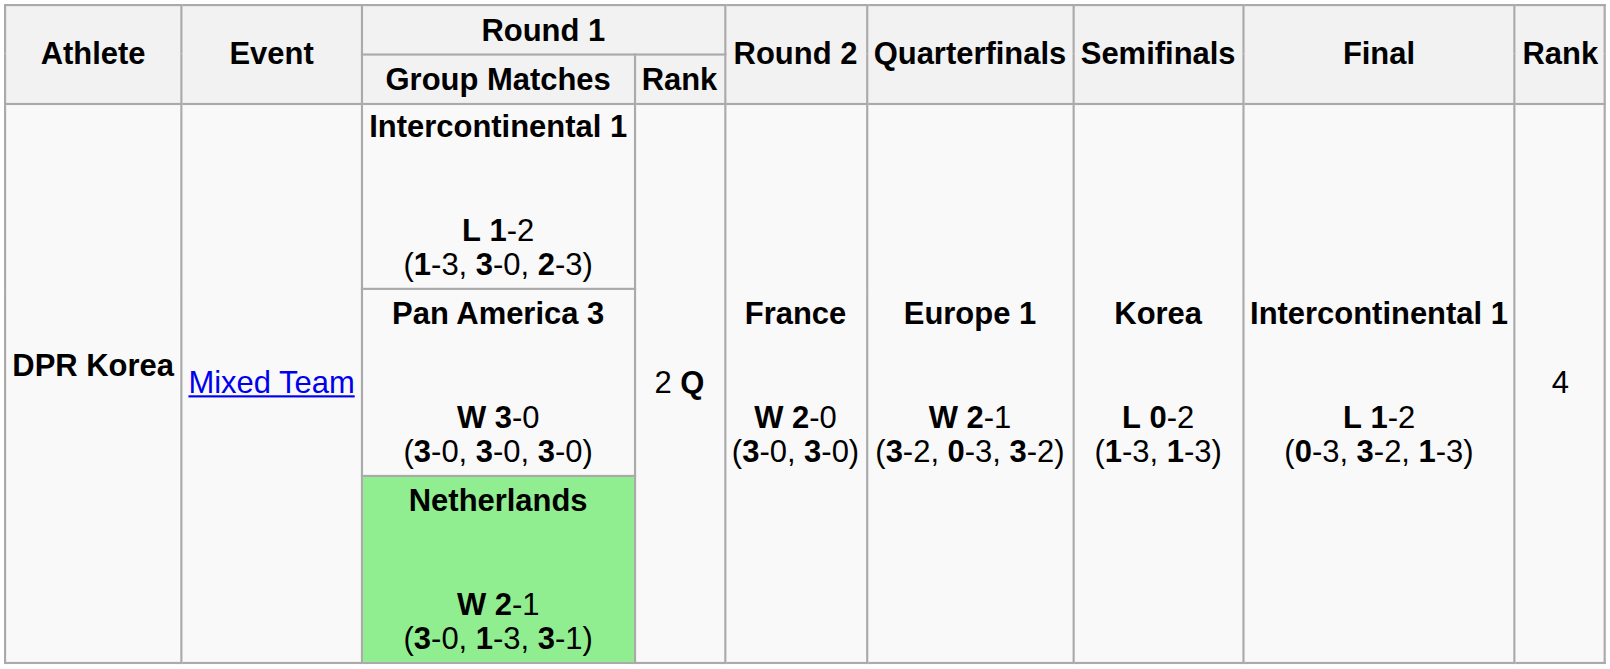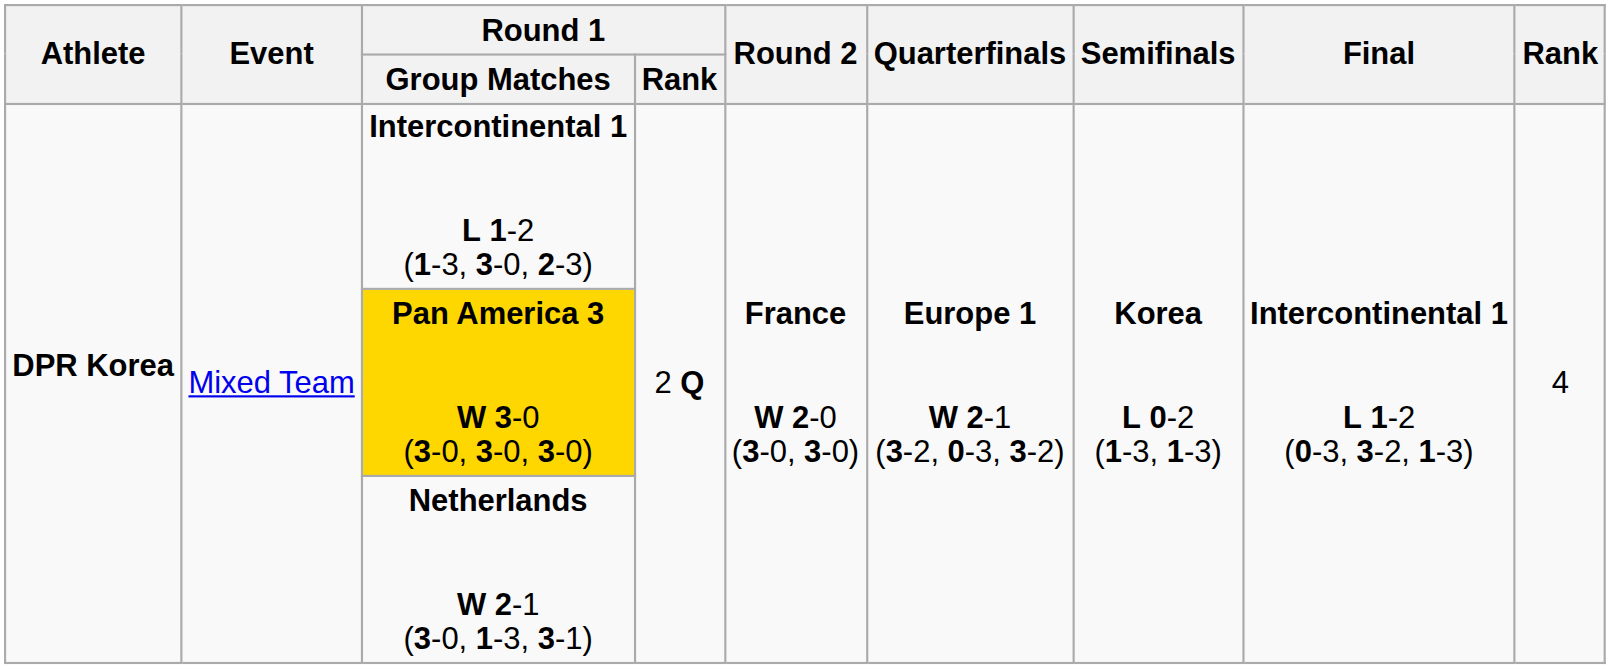 <table class="wikitable" border="1" style="font-size:90%">
 <tr>
 <th rowspan=2>Athlete</th>
 <th rowspan=2>Event</th>
 <th colspan=2>Round 1</th>
 <th rowspan=2>Round 2</th>
 <th rowspan=2>Quarterfinals</th>
 <th rowspan=2>Semifinals</th>
 <th rowspan=2>Final</th>
 <th rowspan=2>Rank</th>
 </tr>
 <tr>
 <th>Group Matches</th>
 <th>Rank</th>
 </tr>
 <tr>
 <td rowspan=3><strong>DPR Korea</strong><br><br></td>
 <td rowspan=3><a href='#'>Mixed Team</a></td>
 <td align=center><strong>Intercontinental 1</strong><br><br><br> <strong>L</strong> <strong>1</strong>-2 <br> (<strong>1</strong>-3, <strong>3</strong>-0, <strong>2</strong>-3)</td>
 <td rowspan=3 align=center>2 <strong>Q</strong></td>
 <td align=center rowspan=3><strong>France</strong><br><br><br> <strong>W</strong> <strong>2</strong>-0 <br> (<strong>3</strong>-0, <strong>3</strong>-0)</td>
 <td align=center rowspan=3><strong>Europe 1</strong><br><br><br> <strong>W</strong> <strong>2</strong>-1 <br> (<strong>3</strong>-2, <strong>0</strong>-3, <strong>3</strong>-2)</td>
 <td align=center rowspan=3><strong>Korea</strong><br><br><br> <strong>L</strong> <strong>0</strong>-2 <br> (<strong>1</strong>-3, <strong>1</strong>-3)</td>
 <td align=center rowspan=3><strong>Intercontinental 1</strong><br><br><br> <strong>L</strong> <strong>1</strong>-2 <br> (<strong>0</strong>-3, <strong>3</strong>-2, <strong>1</strong>-3)</td>
 <td rowspan=3 align=center>4</td>
 </tr>
 <tr>
-<td align=center><strong>Pan America 3</strong><br><br><br> <strong>W</strong> <strong>3</strong>-0 <br> (<strong>3</strong>-0, <strong>3</strong>-0, <strong>3</strong>-0)</td>
+<td align=center style="background: gold;"><strong>Pan America 3</strong><br><br><br> <strong>W</strong> <strong>3</strong>-0 <br> (<strong>3</strong>-0, <strong>3</strong>-0, <strong>3</strong>-0)</td>
 </tr>
 <tr>
-<td align=center style="background: lightgreen;"><strong>Netherlands</strong><br><br><br> <strong>W</strong> <strong>2</strong>-1 <br> (<strong>3</strong>-0, <strong>1</strong>-3, <strong>3</strong>-1)</td>
+<td align=center><strong>Netherlands</strong><br><br><br> <strong>W</strong> <strong>2</strong>-1 <br> (<strong>3</strong>-0, <strong>1</strong>-3, <strong>3</strong>-1)</td>
 </tr>
 </table>
